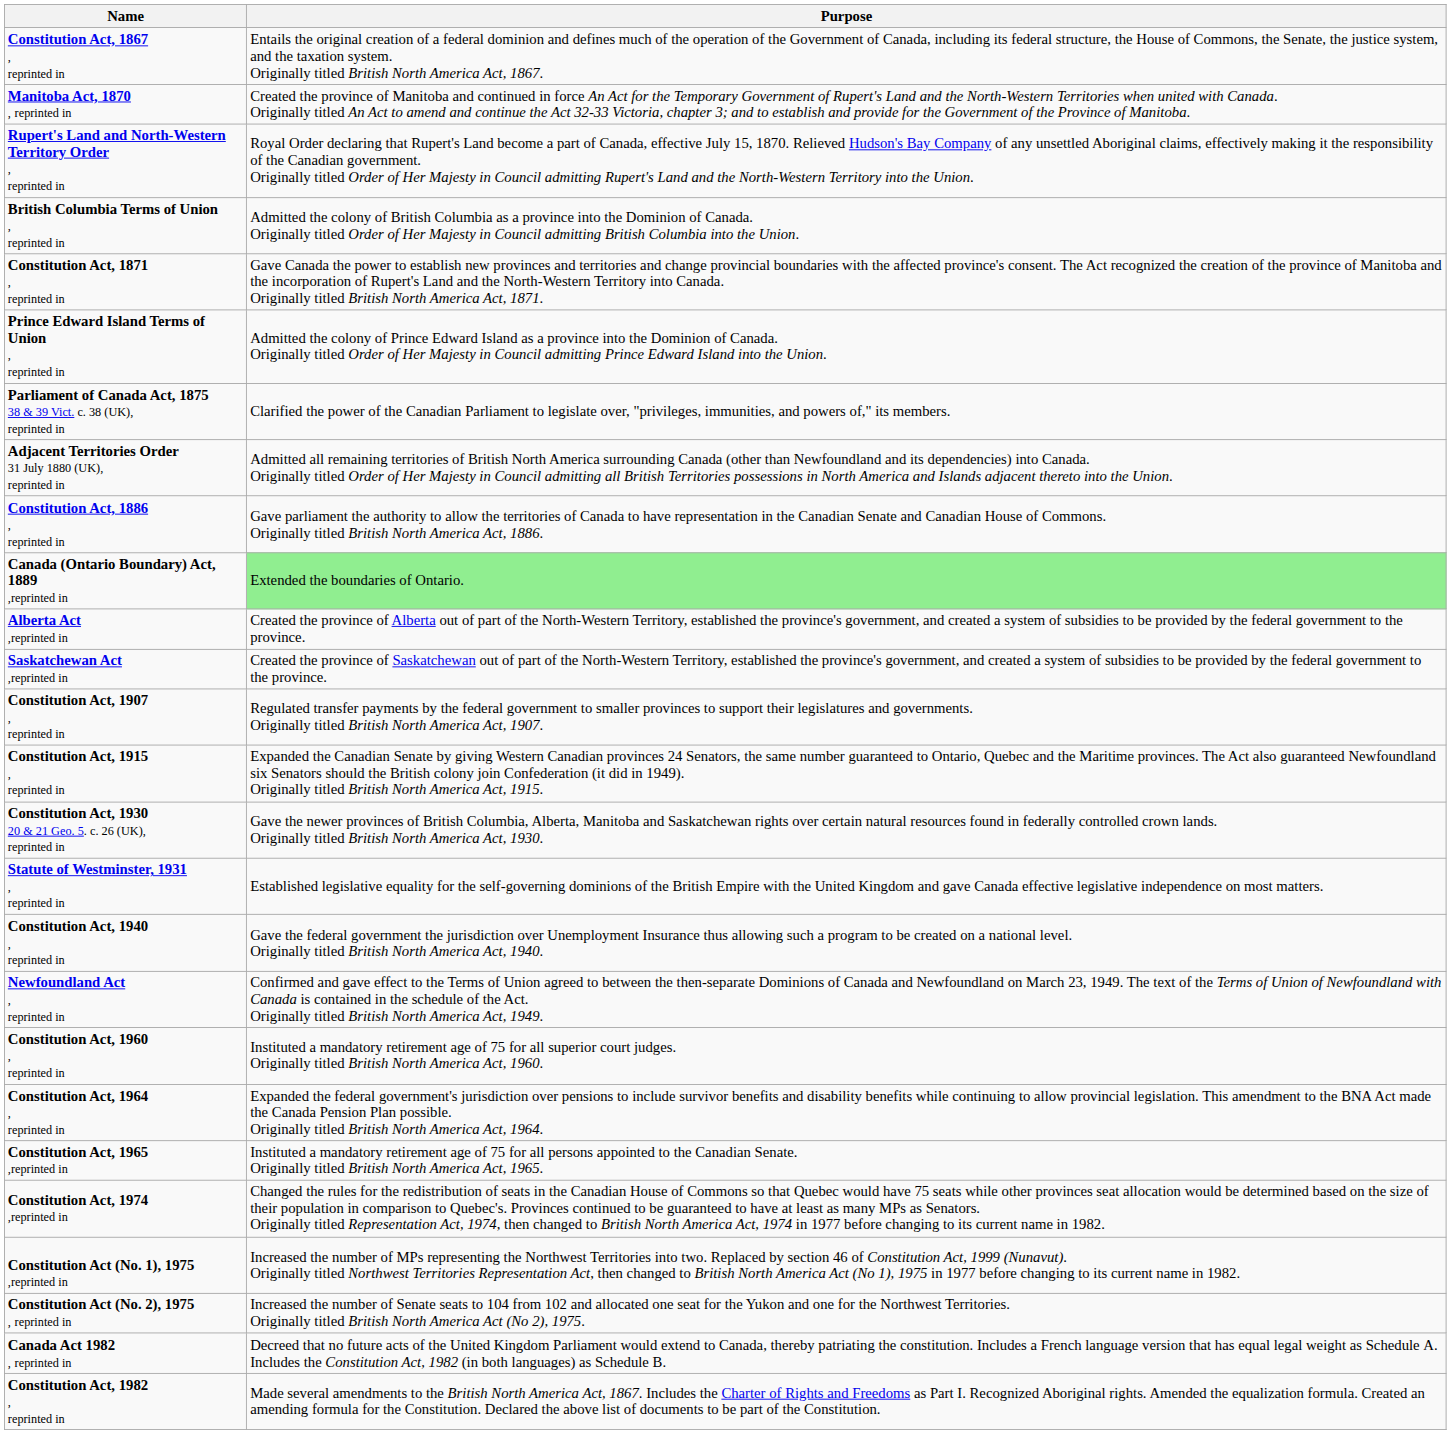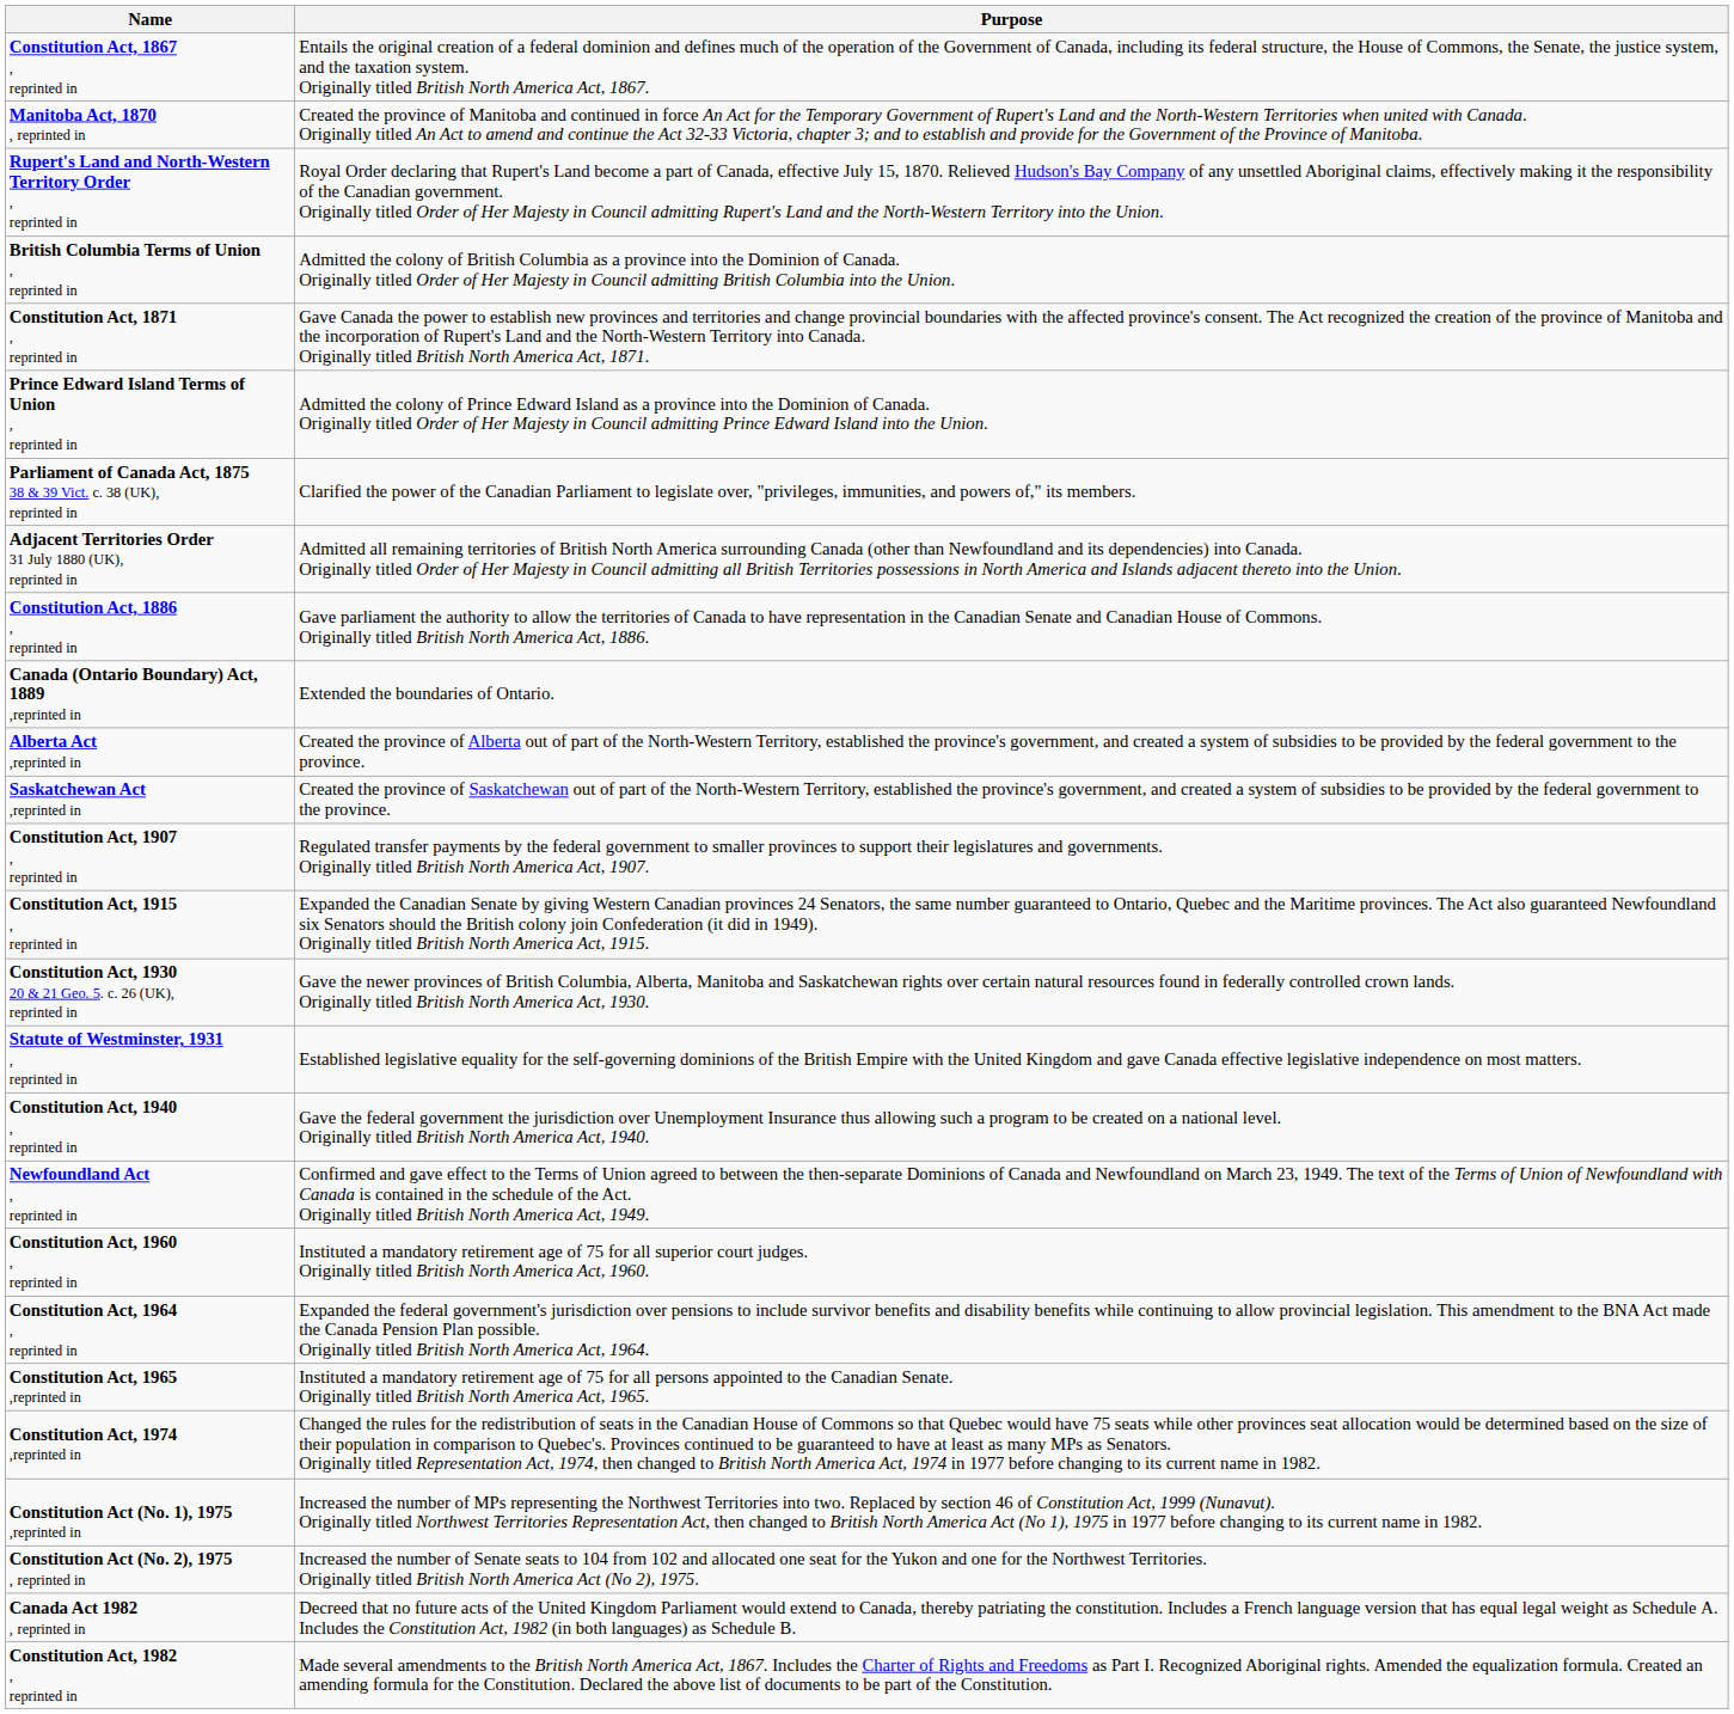 <table class=wikitable>
 <tr>
 <th style="width:16em">Name</th>
 <th>Purpose</th>
 </tr>
 <tr>
 <td style style="text-align:center"><strong><a href='#'>Constitution Act, 1867</a></strong><br><small>,<br>reprinted in </small></td>
 <td>Entails the original creation of a federal dominion and defines much of the operation of the Government of Canada, including its federal structure, the House of Commons, the Senate, the justice system, and the taxation system.<br>Originally titled <em>British North America Act, 1867</em>.</td>
 </tr>
 <tr>
 <td style style="text-align:center"><strong><a href='#'>Manitoba Act, 1870</a></strong><br><small>,</small> <small>reprinted in </small></td>
 <td>Created the province of Manitoba and continued in force <em>An Act for the Temporary Government of Rupert's Land and the North-Western Territories when united with Canada</em>.<br>Originally titled <em>An Act to amend and continue the Act 32-33 Victoria, chapter 3; and to establish and provide for the Government of the Province of Manitoba</em>.</td>
 </tr>
 <tr>
 <td style style="text-align:center"><strong><a href='#'>Rupert's Land and North-Western Territory Order</a></strong><br><small>,<br>reprinted in </small></td>
 <td>Royal Order declaring that Rupert's Land become a part of Canada, effective July 15, 1870. Relieved <a href='#'>Hudson's Bay Company</a> of any unsettled Aboriginal claims, effectively making it the responsibility of the Canadian government.<br>Originally titled <em>Order of Her Majesty in Council admitting Rupert's Land and the North-Western Territory into the Union</em>.</td>
 </tr>
 <tr>
 <td style style="text-align:center"><strong>British Columbia Terms of Union</strong><br><small>,<br>reprinted in </small></td>
 <td>Admitted the colony of British Columbia as a province into the Dominion of Canada.<br>Originally titled <em>Order of Her Majesty in Council admitting British Columbia into the Union</em>.</td>
 </tr>
 <tr>
 <td style style="text-align:center"><strong>Constitution Act, 1871</strong><br><small>,<br>reprinted in </small></td>
 <td>Gave Canada the power to establish new provinces and territories and change provincial boundaries with the affected province's consent. The Act recognized the creation of the province of Manitoba and the incorporation of Rupert's Land and the North-Western Territory into Canada.<br>Originally titled <em>British North America Act, 1871</em>.</td>
 </tr>
 <tr>
 <td style style="text-align:center"><strong>Prince Edward Island Terms of Union</strong><br><small>,<br>reprinted in </small></td>
 <td>Admitted the colony of Prince Edward Island as a province into the Dominion of Canada.<br>Originally titled <em>Order of Her Majesty in Council admitting Prince Edward Island into the Union</em>.</td>
 </tr>
 <tr>
 <td style style="text-align:center"><strong>Parliament of Canada Act, 1875</strong><br><small><a href='#'>38 & 39 Vict.</a> c. 38 (UK),<br>reprinted in </small></td>
 <td>Clarified the power of the Canadian Parliament to legislate over, "privileges, immunities, and powers of," its members.</td>
 </tr>
 <tr>
 <td style style="text-align:center"><strong>Adjacent Territories Order</strong><br><small>31 July 1880 (UK),<br>reprinted in </small></td>
 <td>Admitted all remaining territories of British North America surrounding Canada (other than Newfoundland and its dependencies) into Canada.<br>Originally titled <em>Order of Her Majesty in Council admitting all British Territories possessions in North America and Islands adjacent thereto into the Union</em>.</td>
 </tr>
 <tr>
 <td style style="text-align:center"><strong><a href='#'>Constitution Act, 1886</a></strong><br><small>,<br>reprinted in </small></td>
 <td>Gave parliament the authority to allow the territories of Canada to have representation in the Canadian Senate and Canadian House of Commons.<br>Originally titled <em>British North America Act, 1886</em>.</td>
 </tr>
 <tr>
 <td style style="text-align:center"><strong>Canada (Ontario Boundary) Act, 1889</strong><br><small>,</small><small>reprinted in </small></td>
-<td style="background: lightgreen;">Extended the boundaries of Ontario.</td>
+<td>Extended the boundaries of Ontario.</td>
 </tr>
 <tr>
 <td style style="text-align:center"><strong><a href='#'>Alberta Act</a></strong><br><small>,</small><small>reprinted in </small></td>
 <td>Created the province of <a href='#'>Alberta</a> out of part of the North-Western Territory, established the province's government, and created a system of subsidies to be provided by the federal government to the province.</td>
 </tr>
 <tr>
 <td style style="text-align:center"><strong><a href='#'>Saskatchewan Act</a></strong><br><small>,</small><small>reprinted in </small></td>
 <td>Created the province of <a href='#'>Saskatchewan</a>  out of part of the North-Western Territory, established the province's government, and created a system of subsidies to be provided by the federal government to the province.</td>
 </tr>
 <tr>
 <td style style="text-align:center"><strong>Constitution Act, 1907</strong><br><small>,<br>reprinted in </small></td>
 <td>Regulated transfer payments by the federal government to smaller provinces to support their legislatures and governments.<br>Originally titled <em>British North America Act, 1907</em>.</td>
 </tr>
 <tr>
 <td style style="text-align:center"><strong>Constitution Act, 1915</strong><br><small>,<br>reprinted in </small></td>
 <td>Expanded the Canadian Senate by giving Western Canadian provinces 24 Senators, the same number guaranteed to Ontario, Quebec and the Maritime provinces. The Act also guaranteed Newfoundland six Senators should the British colony join Confederation (it did in 1949).<br>Originally titled <em>British North America Act, 1915</em>.</td>
 </tr>
 <tr>
 <td style style="text-align:center"><strong>Constitution Act, 1930</strong><br><small><a href='#'>20 & 21 Geo. 5</a>. c. 26 (UK),<br>reprinted in </small></td>
 <td>Gave the newer provinces of British Columbia, Alberta, Manitoba and Saskatchewan rights over certain natural resources found in federally controlled crown lands.<br>Originally titled <em>British North America Act, 1930</em>.</td>
 </tr>
 <tr>
 <td style style="text-align:center"><strong><a href='#'>Statute of Westminster, 1931</a></strong><br><small>,<br>reprinted in </small></td>
 <td>Established legislative equality for the self-governing dominions of the British Empire with the United Kingdom and gave Canada effective legislative independence on most matters.</td>
 </tr>
 <tr>
 <td style style="text-align:center"><strong>Constitution Act, 1940</strong><br><small>,<br>reprinted in </small></td>
 <td>Gave the federal government the jurisdiction over Unemployment Insurance thus allowing such a program to be created on a national level.<br>Originally titled <em>British North America Act, 1940</em>.</td>
 </tr>
 <tr>
 <td style style="text-align:center"><strong><a href='#'>Newfoundland Act</a></strong><br><small>,<br>reprinted in </small></td>
 <td>Confirmed and gave effect to the Terms of Union agreed to between the then-separate Dominions of Canada and Newfoundland on March 23, 1949. The text of the <em>Terms of Union of Newfoundland with Canada</em> is contained in the schedule of the Act.<br>Originally titled <em>British North America Act, 1949</em>.</td>
 </tr>
 <tr>
 <td style style="text-align:center"><strong>Constitution Act, 1960</strong><br><small>,<br>reprinted in </small></td>
 <td>Instituted a mandatory retirement age of 75 for all superior court judges.<br>Originally titled <em>British North America Act, 1960</em>.</td>
 </tr>
 <tr>
 <td style style="text-align:center"><strong>Constitution Act, 1964</strong><br><small> ,<br>reprinted in </small></td>
 <td>Expanded the federal government's jurisdiction over pensions to include survivor benefits and disability benefits while continuing to allow provincial legislation. This amendment to the BNA Act made the Canada Pension Plan possible.<br>Originally titled <em>British North America Act, 1964</em>.</td>
 </tr>
 <tr>
 <td style style="text-align:center"><strong>Constitution Act, 1965</strong><br><small>,</small><small>reprinted in </small></td>
 <td>Instituted a mandatory retirement age of 75 for all persons appointed to the Canadian Senate.<br>Originally titled <em>British North America Act, 1965</em>.</td>
 </tr>
 <tr>
 <td style style="text-align:center"><strong>Constitution Act, 1974</strong><br><small>,</small><small>reprinted in </small></td>
 <td>Changed the rules for the redistribution of seats in the Canadian House of Commons so that Quebec would have 75 seats while other provinces seat allocation would be determined based on the size of their population in comparison to Quebec's. Provinces continued to be guaranteed to have at least as many MPs as Senators.<br>Originally titled <em>Representation Act, 1974</em>, then changed to <em>British North America Act, 1974</em> in 1977 before changing to its current name in 1982.</td>
 </tr>
 <tr>
 <td style style="text-align:center"><strong><span></span></strong><br><strong>Constitution Act (No. 1), 1975</strong><br><small>,</small><small>reprinted in </small></td>
 <td>Increased the number of MPs representing the Northwest Territories into two. Replaced by section 46 of <em>Constitution Act, 1999 (Nunavut)</em>.<br>Originally titled <em>Northwest Territories Representation Act</em>, then changed to <em>British North America Act (No 1), 1975</em> in 1977 before changing to its current name in 1982.</td>
 </tr>
 <tr>
 <td style style="text-align:center"><strong>Constitution Act (No. 2), 1975</strong><br><small>,</small> <small>reprinted in </small></td>
 <td>Increased the number of Senate seats to 104 from 102 and allocated one seat for the Yukon and one for the Northwest Territories.<br>Originally titled <em>British North America Act (No 2), 1975</em>.</td>
 </tr>
 <tr>
 <td style style="text-align:center"><strong>Canada Act 1982</strong><br><small>,</small> <small>reprinted in </small></td>
 <td>Decreed that no future acts of the United Kingdom Parliament would extend to Canada, thereby patriating the constitution. Includes a French language version that has equal legal weight as Schedule A. Includes the <em>Constitution Act, 1982</em> (in both languages) as Schedule B.</td>
 </tr>
 <tr>
 <td style style="text-align:center"><strong>Constitution Act, 1982</strong><br><small>,<br>reprinted in </small></td>
 <td>Made several amendments to the <em>British North America Act, 1867</em>. Includes the <a href='#'>Charter of Rights and Freedoms</a> as Part I. Recognized Aboriginal rights. Amended the equalization formula. Created an amending formula for the Constitution. Declared the above list of documents to be part of the Constitution.</td>
 </tr>
 </table>
